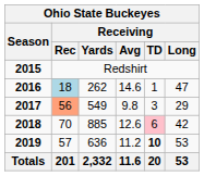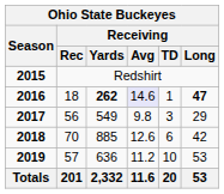 <table class="wikitable" style="text-align:center;">
 <tr>
 <th colspan="7" style=>Ohio State Buckeyes</th>
 </tr>
 <tr>
 <th rowspan="2">Season</th>
 <th colspan="5">Receiving</th>
 </tr>
 <tr>
 <th>Rec</th>
 <th>Yards</th>
 <th>Avg</th>
 <th>TD</th>
 <th>Long</th>
 </tr>
 <tr>
 <td><strong>2015</strong></td>
 <td colspan="5"> Redshirt</td>
 </tr>
 <tr>
 <td><strong>2016</strong></td>
-<td style="background: lightblue;">18</td>
-<td>262</td>
-<td>14.6</td>
+<td>18</td>
+<td><strong>262</strong></td>
+<td style="background: lavender;">14.6</td>
 <td>1</td>
-<td>47</td>
+<td><strong>47</strong></td>
 </tr>
 <tr>
 <td><strong>2017</strong></td>
-<td style="background: lightsalmon;">56</td>
+<td>56</td>
 <td>549</td>
 <td>9.8</td>
 <td>3</td>
 <td>29</td>
 </tr>
 <tr>
 <td><strong>2018</strong></td>
 <td>70</td>
 <td>885</td>
 <td>12.6</td>
-<td style="background: pink;">6</td>
+<td>6</td>
 <td>42</td>
 </tr>
 <tr>
 <td><strong>2019</strong></td>
 <td>57</td>
 <td>636</td>
 <td>11.2</td>
-<td><strong>10</strong></td>
+<td>10</td>
 <td>53</td>
 </tr>
 <tr>
 <th>Totals</th>
 <th>201</th>
 <th>2,332</th>
 <th>11.6</th>
 <th>20</th>
 <th>53</th>
 </tr>
 </table>
